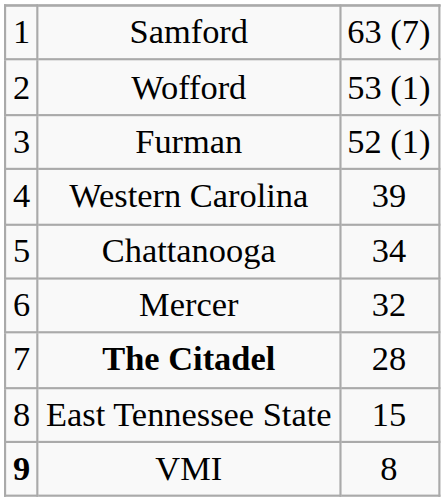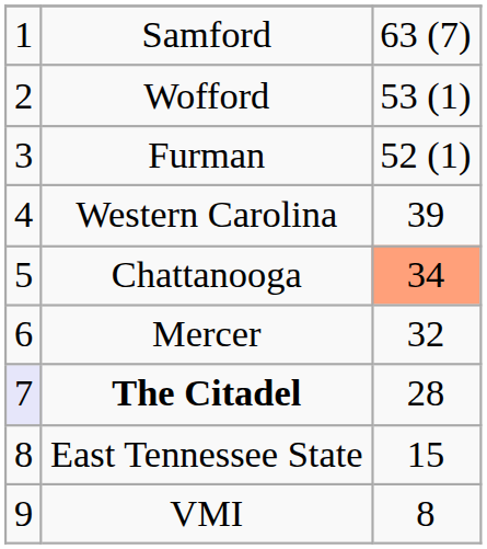 <table class="wikitable" style="display: inline-table;">
 <tr align="center">
 </tr>
 <tr align="center">
 <td>1</td>
 <td>Samford</td>
 <td>63 (7)</td>
 </tr>
 <tr align="center">
 <td>2</td>
 <td>Wofford</td>
 <td>53 (1)</td>
 </tr>
 <tr align="center">
 <td>3</td>
 <td>Furman</td>
 <td>52 (1)</td>
 </tr>
 <tr align="center">
 <td>4</td>
 <td>Western Carolina</td>
 <td>39</td>
 </tr>
 <tr align="center">
 <td>5</td>
 <td>Chattanooga</td>
-<td>34</td>
+<td style="background: lightsalmon;">34</td>
 </tr>
 <tr align="center">
 <td>6</td>
 <td>Mercer</td>
 <td>32</td>
 </tr>
 <tr align="center">
-<td>7</td>
+<td style="background: lavender;">7</td>
 <td><strong>The Citadel</strong></td>
 <td>28</td>
 </tr>
 <tr align="center">
 <td>8</td>
 <td>East Tennessee State</td>
 <td>15</td>
 </tr>
 <tr align="center">
-<td><strong>9</strong></td>
+<td>9</td>
 <td>VMI</td>
 <td>8</td>
 </tr>
 </table>
